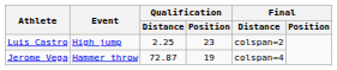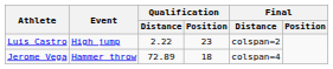 <table class=wikitable style=font-size:90%>
 <tr>
 <th rowspan=2>Athlete</th>
 <th rowspan=2>Event</th>
 <th colspan=2>Qualification</th>
 <th colspan=2>Final</th>
 </tr>
 <tr style=font-size:95%>
 <th>Distance</th>
 <th>Position</th>
 <th>Distance</th>
 <th>Position</th>
 </tr>
 <tr align=center>
 <td align=left><a href='#'>Luis Castro</a></td>
 <td align=left><a href='#'>High jump</a></td>
-<td>2.25</td>
+<td>2.22</td>
 <td>23</td>
 <td>colspan=2 </td>
 </tr>
 <tr align=center>
 <td align=left><a href='#'>Jerome Vega</a></td>
 <td align=left><a href='#'>Hammer throw</a></td>
-<td>72.87</td>
-<td>19</td>
+<td>72.89</td>
+<td>18</td>
 <td>colspan=4 </td>
 </tr>
 </table>
